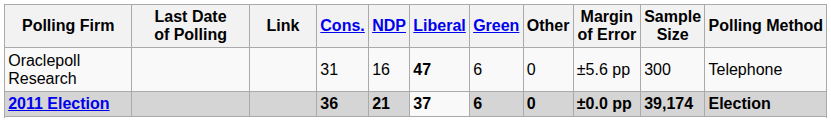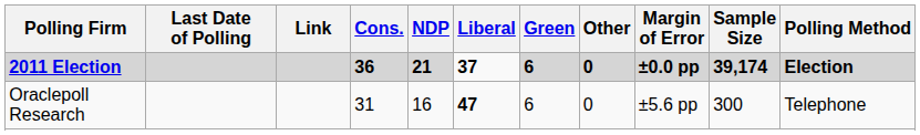 <table class="wikitable sortable">
 <tr style="background:#e9e9e9;">
 <th style="width:120px">Polling Firm</th>
 <th style="width:110px">Last Date<br>of Polling</th>
 <th style="width:60px" class="unsortable">Link</th>
 <th style="background-color:"><strong><a href='#'>Cons.</a></strong></th>
 <th style="background-color:"><strong><a href='#'>NDP</a></strong></th>
 <th style="background-color:"><strong><a href='#'>Liberal</a></strong></th>
 <th style="background-color:"><strong><a href='#'>Green</a></strong></th>
 <th style="background-color:"><strong>Other</strong></th>
 <th style="width:60px;" class=unsortable>Margin<br>of Error</th>
 <th style="width:50px;" class=unsortable>Sample<br>Size</th>
 <th class=unsortable>Polling Method</th>
 </tr>
 <tr>
+<td style="background:#D5D5D5"><strong><a href='#'>2011 Election</a></strong></td>
+<td style="background:#D5D5D5"><strong></strong></td>
+<td style="background:#D5D5D5"></td>
+<td style="background:#D5D5D5"><strong>36</strong></td>
+<td style="background:#D5D5D5"><strong>21</strong></td>
+<td><strong>37</strong></td>
+<td style="background:#D5D5D5"><strong>6</strong></td>
+<td style="background:#D5D5D5"><strong>0</strong></td>
+<td style="background:#D5D5D5"><strong>±0.0 pp</strong></td>
+<td style="background:#D5D5D5"><strong>39,174</strong></td>
+<td style="background:#D5D5D5"><strong>Election</strong></td>
+</tr>
+<tr>
 <td>Oraclepoll Research</td>
 <td></td>
 <td></td>
 <td>31</td>
 <td>16</td>
 <td><strong>47</strong></td>
 <td>6</td>
 <td>0</td>
 <td>±5.6 pp</td>
 <td>300</td>
 <td>Telephone</td>
 </tr>
 <tr>
-<td style="background:#D5D5D5"><strong><a href='#'>2011 Election</a></strong></td>
-<td style="background:#D5D5D5"><strong></strong></td>
-<td style="background:#D5D5D5"></td>
-<td style="background:#D5D5D5"><strong>36</strong></td>
-<td style="background:#D5D5D5"><strong>21</strong></td>
-<td><strong>37</strong></td>
-<td style="background:#D5D5D5"><strong>6</strong></td>
-<td style="background:#D5D5D5"><strong>0</strong></td>
-<td style="background:#D5D5D5"><strong>±0.0 pp</strong></td>
-<td style="background:#D5D5D5"><strong>39,174</strong></td>
-<td style="background:#D5D5D5"><strong>Election</strong></td>
-</tr>
-<tr>
 </tr>
 <tr>
 </tr>
 </table>
